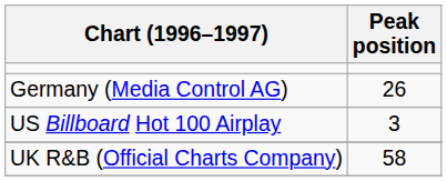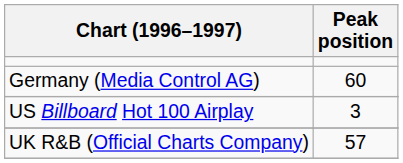 <table class="wikitable sortable">
 <tr>
 <th>Chart (1996–1997)</th>
 <th>Peak<br>position</th>
 </tr>
 <tr>
 <td></td>
 </tr>
 <tr>
 <td>Germany (<a href='#'>Media Control AG</a>)</td>
-<td style="text-align:center;">26</td>
+<td style="text-align:center;">60</td>
 </tr>
 <tr>
 </tr>
 <tr>
 </tr>
 <tr>
 </tr>
 <tr>
 </tr>
 <tr>
 </tr>
 <tr>
 </tr>
 <tr>
 <td>US <a href='#'><em>Billboard</em></a> <a href='#'>Hot 100 Airplay</a></td>
 <td style="text-align:center;">3</td>
 </tr>
 <tr>
 </tr>
 <tr>
 <td>UK R&B (<a href='#'>Official Charts Company</a>)</td>
-<td style="text-align:center;">58</td>
+<td style="text-align:center;">57</td>
 </tr>
 <tr>
 </tr>
 </table>
